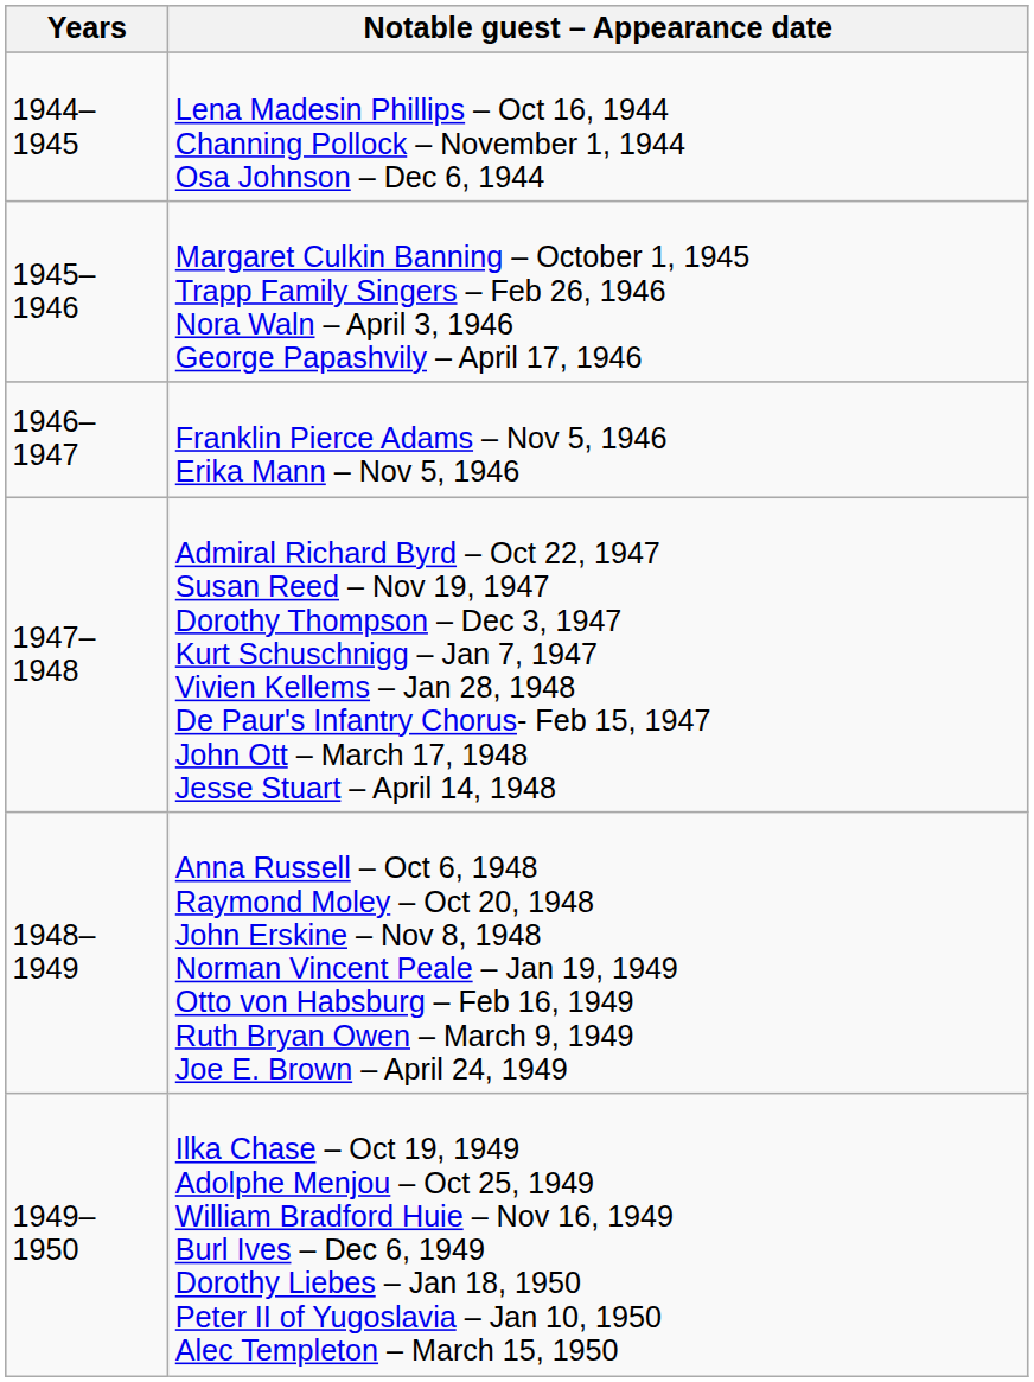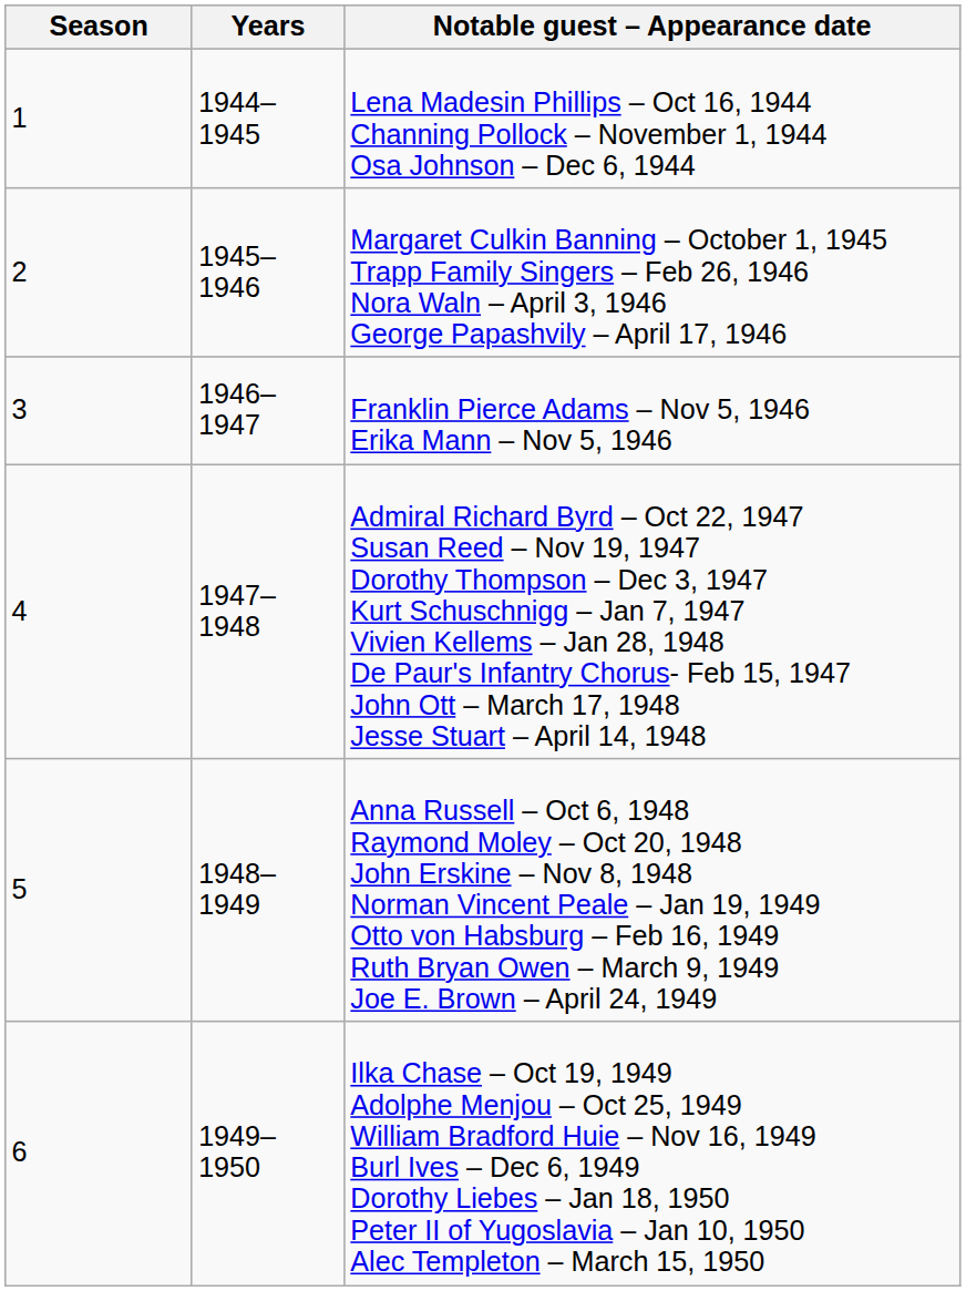 <table class="wikitable collapsible" width="550">
 <tr>
+<th scope="col" width="100px">Season</th>
 <th scope="col" width="80px">Years</th>
 <th>Notable guest – Appearance date</th>
 </tr>
 <tr>
+<td>1</td>
 <td>1944–1945</td>
 <td><br><a href='#'>Lena Madesin Phillips</a> – Oct 16, 1944<br> <a href='#'>Channing Pollock</a> – November 1, 1944<br> <a href='#'>Osa Johnson</a> – Dec 6, 1944</td>
 </tr>
 <tr>
+<td>2</td>
 <td>1945–1946</td>
 <td><br><a href='#'>Margaret Culkin Banning</a> – October 1, 1945<br> <a href='#'>Trapp Family Singers</a> – Feb 26, 1946<br> <a href='#'>Nora Waln</a> – April 3, 1946<br> <a href='#'>George Papashvily</a> – April 17, 1946</td>
 </tr>
 <tr>
+<td>3</td>
 <td>1946–1947</td>
 <td><br><a href='#'>Franklin Pierce Adams</a> – Nov 5, 1946<br> <a href='#'>Erika Mann</a> – Nov 5, 1946</td>
 </tr>
 <tr>
+<td>4</td>
 <td>1947–1948</td>
 <td><br><a href='#'>Admiral Richard Byrd</a> – Oct 22, 1947<br> <a href='#'>Susan Reed</a> – Nov 19, 1947<br> <a href='#'>Dorothy Thompson</a> – Dec 3, 1947<br> <a href='#'>Kurt Schuschnigg</a> – Jan 7, 1947<br> <a href='#'>Vivien Kellems</a> – Jan 28, 1948<br> <a href='#'>De Paur's Infantry Chorus</a>- Feb 15, 1947<br> <a href='#'>John Ott</a> – March 17, 1948<br> <a href='#'>Jesse Stuart</a> – April 14, 1948</td>
 </tr>
 <tr>
+<td>5</td>
 <td>1948–1949</td>
 <td><br><a href='#'>Anna Russell</a> – Oct 6, 1948<br> <a href='#'>Raymond Moley</a> – Oct 20, 1948<br> <a href='#'>John Erskine</a> – Nov 8, 1948<br> <a href='#'>Norman Vincent Peale</a> – Jan 19, 1949<br> <a href='#'>Otto von Habsburg</a> – Feb 16, 1949<br> <a href='#'>Ruth Bryan Owen</a> – March 9, 1949<br> <a href='#'>Joe E. Brown</a> – April 24, 1949</td>
 </tr>
 <tr>
+<td>6</td>
 <td>1949–1950</td>
 <td><br><a href='#'>Ilka Chase</a> – Oct 19, 1949<br> <a href='#'>Adolphe Menjou</a> – Oct 25, 1949<br> <a href='#'>William Bradford Huie</a> – Nov 16, 1949<br> <a href='#'>Burl Ives</a> – Dec 6, 1949<br> <a href='#'>Dorothy Liebes</a> – Jan 18, 1950<br> <a href='#'>Peter II of Yugoslavia</a> – Jan 10, 1950<br> <a href='#'>Alec Templeton</a> – March 15, 1950</td>
 </tr>
 </table>
